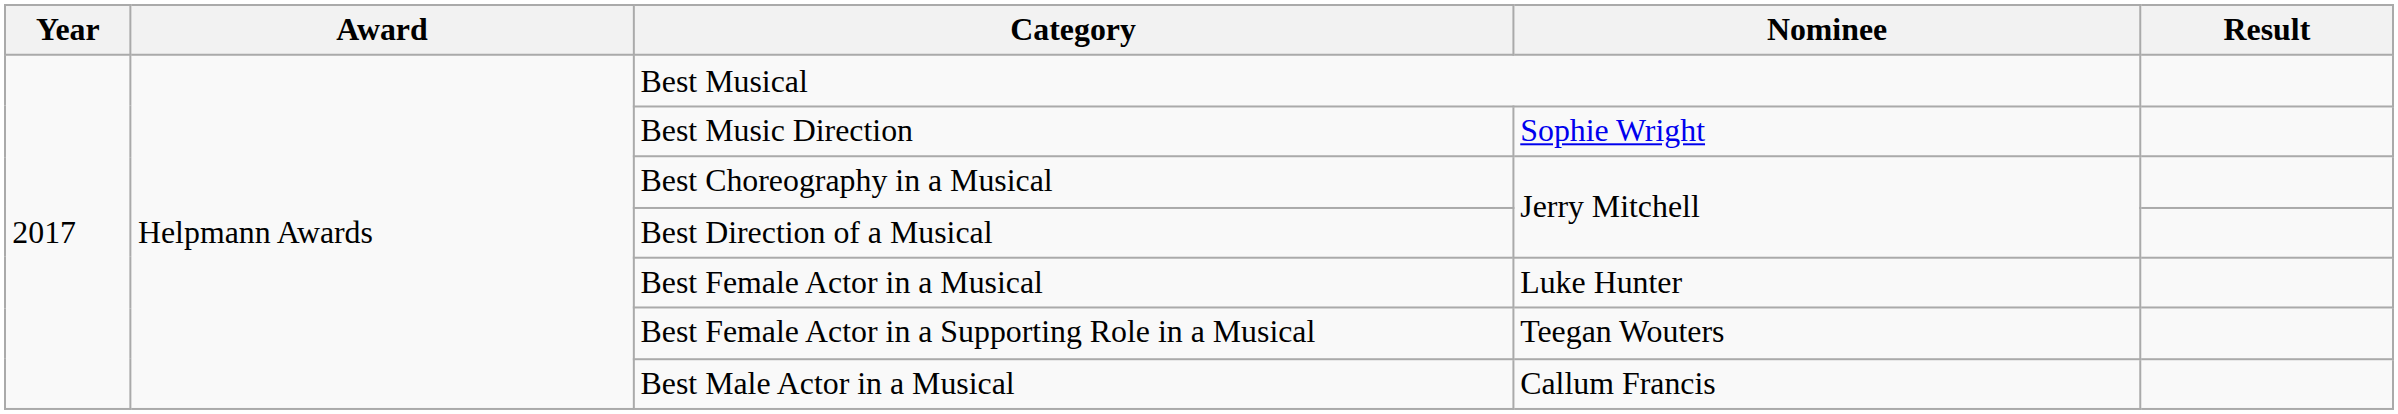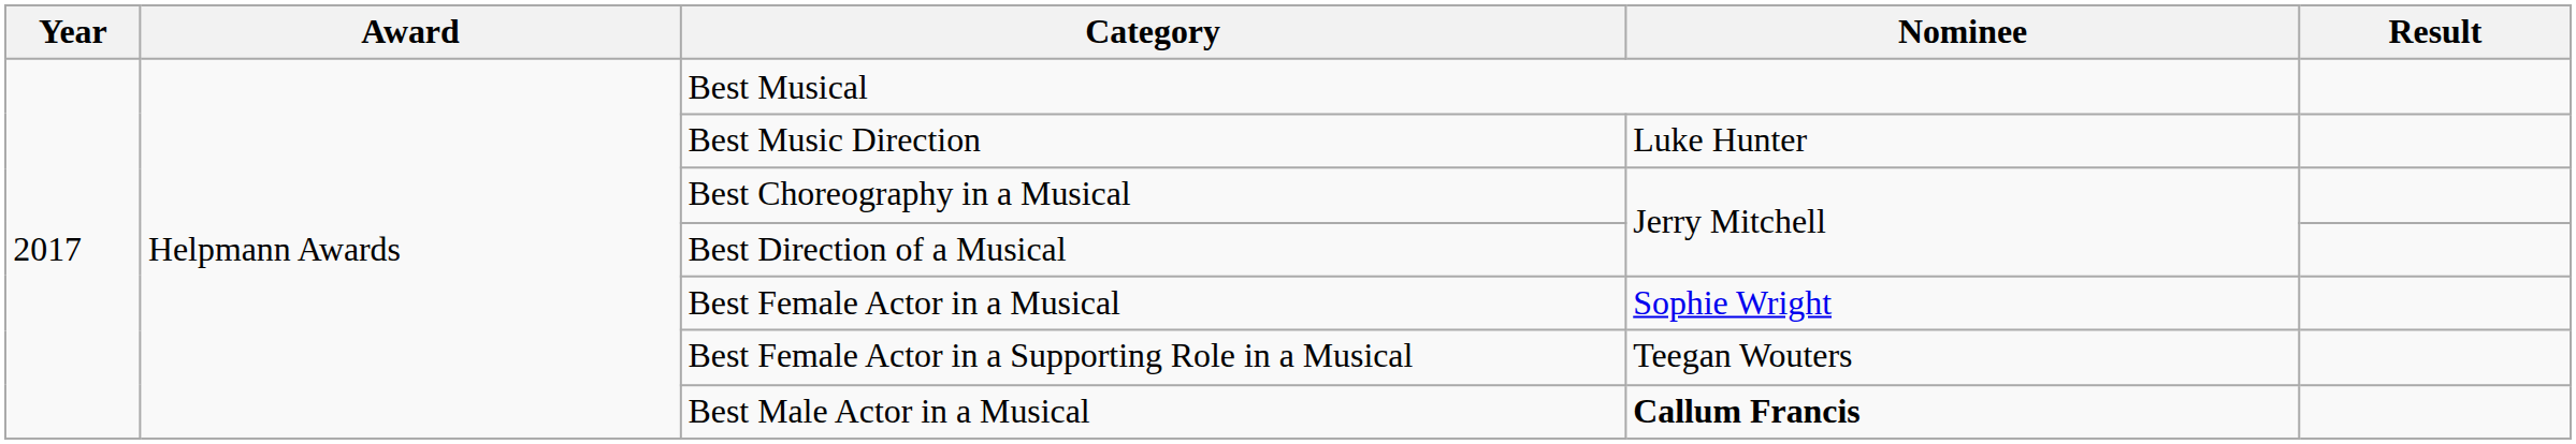 <table class="wikitable" style="width:95%;">
 <tr valign="bottom">
 <th style="width:5%;">Year</th>
 <th style="width:20%;">Award</th>
 <th style="width:35%;">Category</th>
 <th style="width:25%;">Nominee</th>
 <th style="width:10%;">Result</th>
 </tr>
 <tr>
 <td rowspan="7">2017</td>
 <td rowspan="7">Helpmann Awards</td>
 <td colspan="2">Best Musical</td>
 <td></td>
 </tr>
 <tr>
 <td>Best Music Direction</td>
-<td><a href='#'>Sophie Wright</a></td>
+<td>Luke Hunter</td>
 <td></td>
 </tr>
 <tr>
 <td>Best Choreography in a Musical</td>
 <td rowspan="2">Jerry Mitchell</td>
 <td></td>
 </tr>
 <tr>
 <td>Best Direction of a Musical</td>
 <td></td>
 </tr>
 <tr>
 <td>Best Female Actor in a Musical</td>
-<td>Luke Hunter</td>
+<td><a href='#'>Sophie Wright</a></td>
 <td></td>
 </tr>
 <tr>
 <td>Best Female Actor in a Supporting Role in a Musical</td>
 <td>Teegan Wouters</td>
 <td></td>
 </tr>
 <tr>
 <td>Best Male Actor in a Musical</td>
-<td>Callum Francis</td>
+<td><strong>Callum Francis</strong></td>
 <td></td>
 </tr>
 </table>
